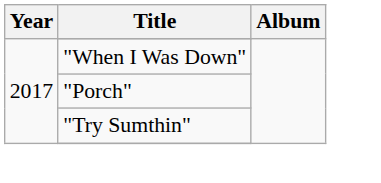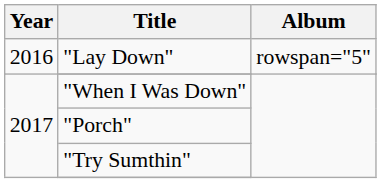 <table class="wikitable">
 <tr>
 <th>Year</th>
 <th>Title</th>
 <th>Album</th>
+</tr>
+<tr>
+<td rowspan="1">2016</td>
+<td>"Lay Down"</td>
+<td>rowspan="5" </td>
 </tr>
 <tr>
 <td rowspan="5">2017</td>
 </tr>
 <tr>
 <td>"When I Was Down"</td>
 </tr>
 <tr>
 <td>"Porch"</td>
 </tr>
 <tr>
 <td>"Try Sumthin"</td>
 </tr>
 <tr>
 </tr>
 </table>
